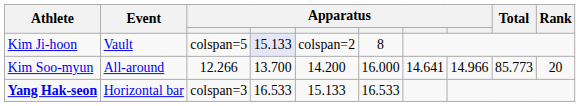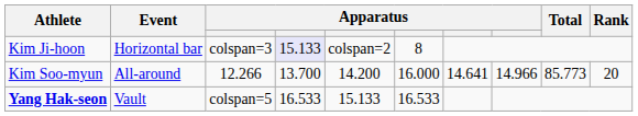 <table class="wikitable" style="font-size:90%">
 <tr>
 <th rowspan=2>Athlete</th>
 <th rowspan=2>Event</th>
 <th colspan =6>Apparatus</th>
 <th rowspan=2>Total</th>
 <th rowspan=2>Rank</th>
 </tr>
 <tr style="font-size:95%">
 <th></th>
 <th></th>
 <th></th>
 <th></th>
 <th></th>
 <th></th>
 </tr>
 <tr align=center>
 <td align=left><a href='#'>Kim Ji-hoon</a></td>
-<td align=left><a href='#'>Vault</a></td>
-<td>colspan=5 </td>
+<td align=left><a href='#'>Horizontal bar</a></td>
+<td>colspan=3 </td>
 <td style="background: lavender;">15.133</td>
 <td>colspan=2 </td>
 <td>8</td>
 </tr>
 <tr align=center>
 <td align=left><a href='#'>Kim Soo-myun</a></td>
 <td align=left><a href='#'>All-around</a></td>
 <td>12.266</td>
 <td>13.700</td>
 <td>14.200</td>
 <td>16.000</td>
 <td>14.641</td>
 <td>14.966</td>
 <td>85.773</td>
 <td>20</td>
 </tr>
 <tr align=center>
 <td align=left><strong><a href='#'>Yang Hak-seon</a></strong></td>
-<td align=left><a href='#'>Horizontal bar</a></td>
-<td>colspan=3 </td>
+<td align=left><a href='#'>Vault</a></td>
+<td>colspan=5 </td>
 <td>16.533</td>
 <td>15.133</td>
 <td>16.533</td>
 <td></td>
 </tr>
 </table>
